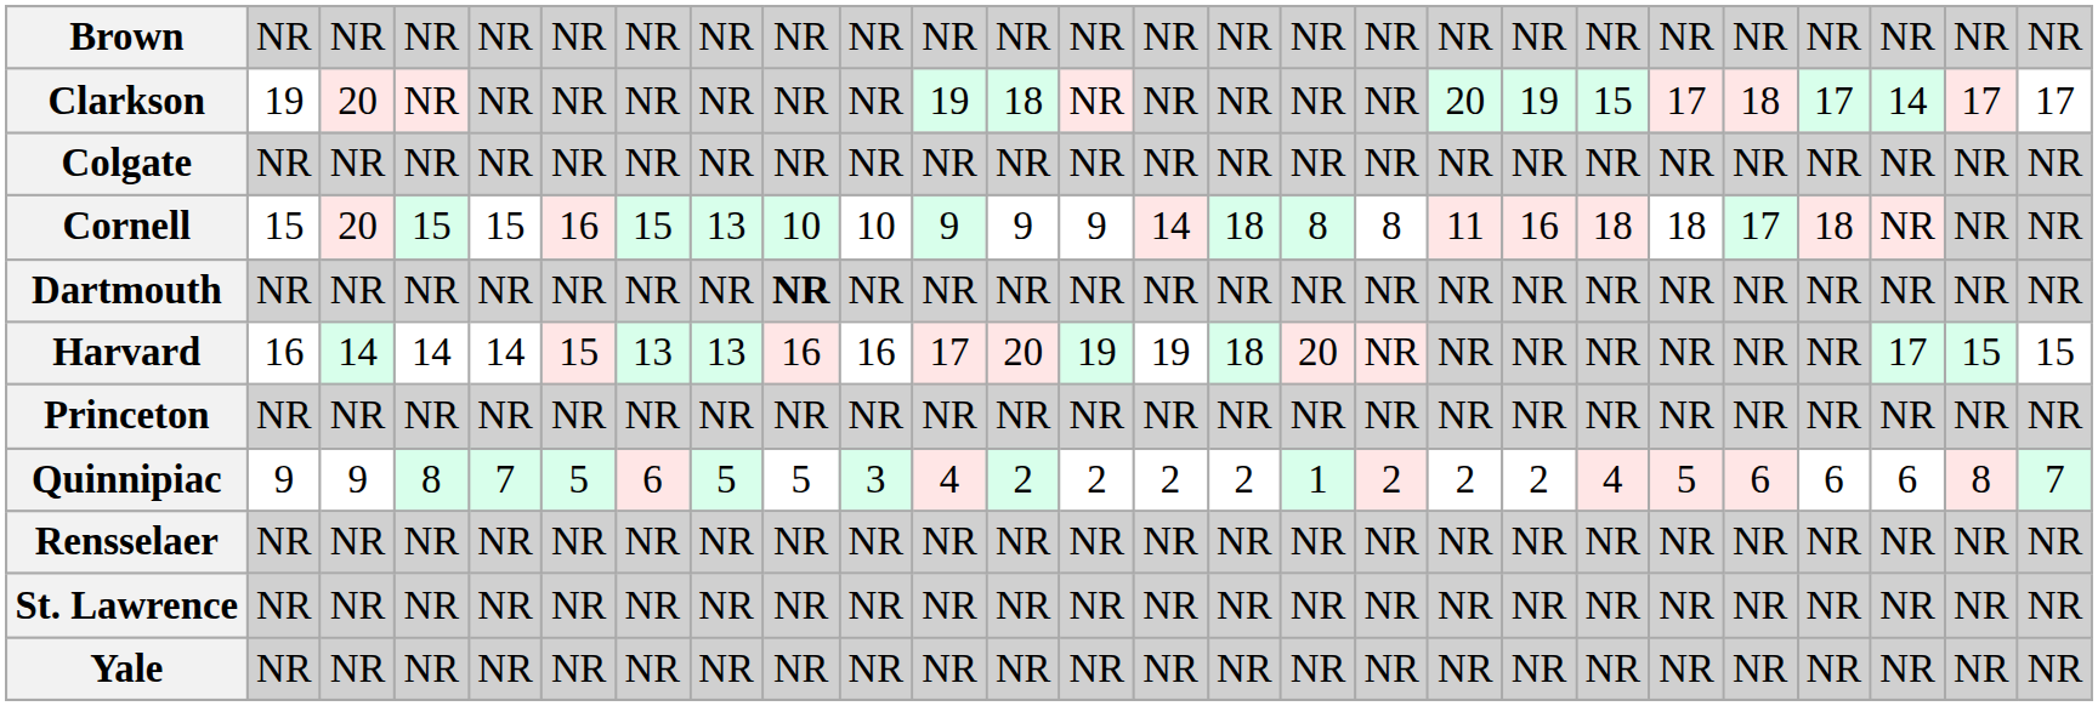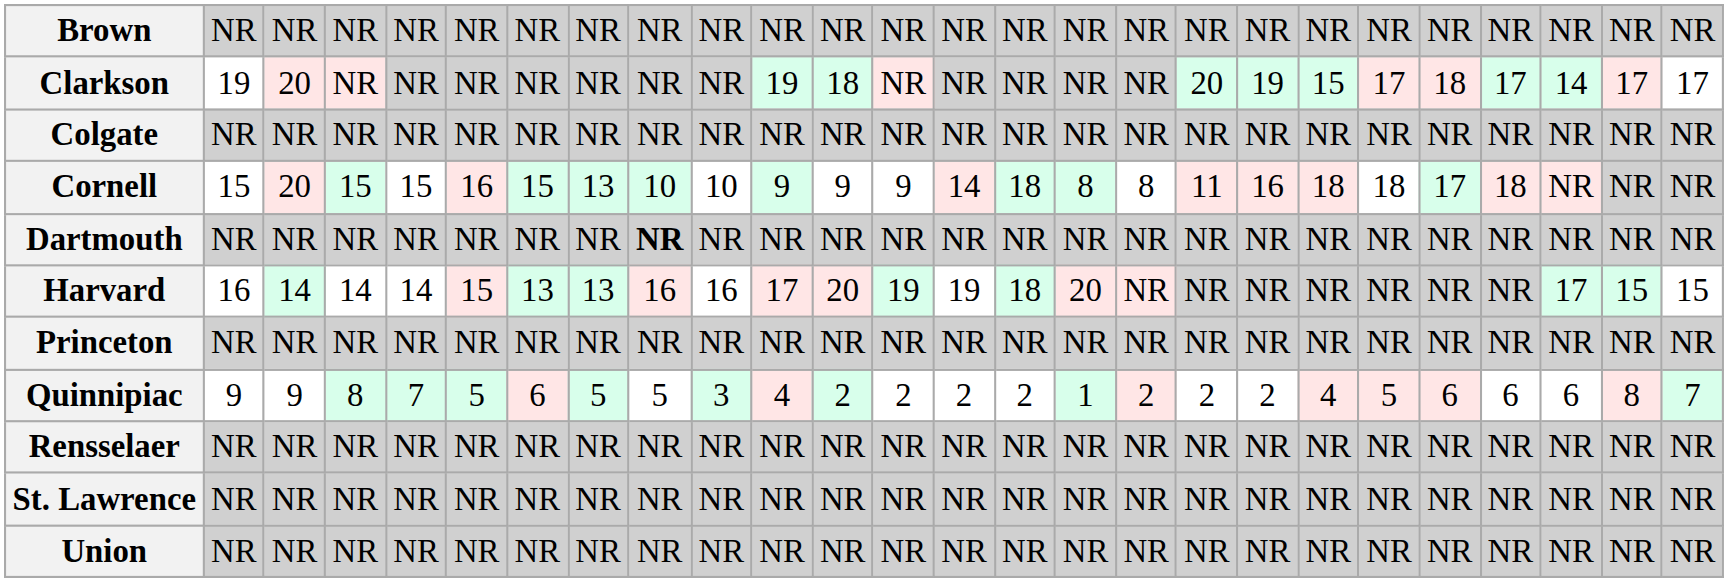 <table class="wikitable sortable" style="text-align: center;">
 <tr>
 </tr>
 <tr bgcolor=d0d0d0>
 <th>Brown</th>
 <td>NR</td>
 <td>NR</td>
 <td>NR</td>
 <td>NR</td>
 <td>NR</td>
 <td>NR</td>
 <td>NR</td>
 <td>NR</td>
 <td>NR</td>
 <td>NR</td>
 <td>NR</td>
 <td>NR</td>
 <td>NR</td>
 <td>NR</td>
 <td>NR</td>
 <td>NR</td>
 <td>NR</td>
 <td>NR</td>
 <td>NR</td>
 <td>NR</td>
 <td>NR</td>
 <td>NR</td>
 <td>NR</td>
 <td>NR</td>
 <td>NR</td>
 </tr>
 <tr bgcolor=d0d0d0>
 <th>Clarkson</th>
 <td bgcolor=FFFFFF>19</td>
 <td bgcolor=FFE6E6>20</td>
 <td bgcolor=FFE6E6>NR</td>
 <td>NR</td>
 <td>NR</td>
 <td>NR</td>
 <td>NR</td>
 <td>NR</td>
 <td>NR</td>
 <td bgcolor=D8FFEB>19</td>
 <td bgcolor=D8FFEB>18</td>
 <td bgcolor=FFE6E6>NR</td>
 <td>NR</td>
 <td>NR</td>
 <td>NR</td>
 <td>NR</td>
 <td bgcolor=D8FFEB>20</td>
 <td bgcolor=D8FFEB>19</td>
 <td bgcolor=D8FFEB>15</td>
 <td bgcolor=FFE6E6>17</td>
 <td bgcolor=FFE6E6>18</td>
 <td bgcolor=D8FFEB>17</td>
 <td bgcolor=D8FFEB>14</td>
 <td bgcolor=FFE6E6>17</td>
 <td bgcolor=FFFFFF>17</td>
 </tr>
 <tr bgcolor=d0d0d0>
 <th>Colgate</th>
 <td>NR</td>
 <td>NR</td>
 <td>NR</td>
 <td>NR</td>
 <td>NR</td>
 <td>NR</td>
 <td>NR</td>
 <td>NR</td>
 <td>NR</td>
 <td>NR</td>
 <td>NR</td>
 <td>NR</td>
 <td>NR</td>
 <td>NR</td>
 <td>NR</td>
 <td>NR</td>
 <td>NR</td>
 <td>NR</td>
 <td>NR</td>
 <td>NR</td>
 <td>NR</td>
 <td>NR</td>
 <td>NR</td>
 <td>NR</td>
 <td>NR</td>
 </tr>
 <tr bgcolor=d0d0d0>
 <th>Cornell</th>
 <td bgcolor=FFFFFF>15</td>
 <td bgcolor=FFE6E6>20</td>
 <td bgcolor=D8FFEB>15</td>
 <td bgcolor=FFFFFF>15</td>
 <td bgcolor=FFE6E6>16</td>
 <td bgcolor=D8FFEB>15</td>
 <td bgcolor=D8FFEB>13</td>
 <td bgcolor=D8FFEB>10</td>
 <td bgcolor=FFFFFF>10</td>
 <td bgcolor=D8FFEB>9</td>
 <td bgcolor=FFFFFF>9</td>
 <td bgcolor=FFFFFF>9</td>
 <td bgcolor=FFE6E6>14</td>
 <td bgcolor=D8FFEB>18</td>
 <td bgcolor=D8FFEB>8</td>
 <td bgcolor=FFFFFF>8</td>
 <td bgcolor=FFE6E6>11</td>
 <td bgcolor=FFE6E6>16</td>
 <td bgcolor=FFE6E6>18</td>
 <td bgcolor=FFFFFF>18</td>
 <td bgcolor=D8FFEB>17</td>
 <td bgcolor=FFE6E6>18</td>
 <td bgcolor=FFE6E6>NR</td>
 <td>NR</td>
 <td>NR</td>
 </tr>
 <tr bgcolor=d0d0d0>
 <th>Dartmouth</th>
 <td>NR</td>
 <td>NR</td>
 <td>NR</td>
 <td>NR</td>
 <td>NR</td>
 <td>NR</td>
 <td>NR</td>
 <td><strong>NR</strong></td>
 <td>NR</td>
 <td>NR</td>
 <td>NR</td>
 <td>NR</td>
 <td>NR</td>
 <td>NR</td>
 <td>NR</td>
 <td>NR</td>
 <td>NR</td>
 <td>NR</td>
 <td>NR</td>
 <td>NR</td>
 <td>NR</td>
 <td>NR</td>
 <td>NR</td>
 <td>NR</td>
 <td>NR</td>
 </tr>
 <tr bgcolor=d0d0d0>
 <th>Harvard</th>
 <td bgcolor=FFFFFF>16</td>
 <td bgcolor=D8FFEB>14</td>
 <td bgcolor=FFFFFF>14</td>
 <td bgcolor=FFFFFF>14</td>
 <td bgcolor=FFE6E6>15</td>
 <td bgcolor=D8FFEB>13</td>
 <td bgcolor=D8FFEB>13</td>
 <td bgcolor=FFE6E6>16</td>
 <td bgcolor=FFFFFF>16</td>
 <td bgcolor=FFE6E6>17</td>
 <td bgcolor=FFE6E6>20</td>
 <td bgcolor=D8FFEB>19</td>
 <td bgcolor=FFFFFF>19</td>
 <td bgcolor=D8FFEB>18</td>
 <td bgcolor=FFE6E6>20</td>
 <td bgcolor=FFE6E6>NR</td>
 <td>NR</td>
 <td>NR</td>
 <td>NR</td>
 <td>NR</td>
 <td>NR</td>
 <td>NR</td>
 <td bgcolor=D8FFEB>17</td>
 <td bgcolor=D8FFEB>15</td>
 <td bgcolor=FFFFFF>15</td>
 </tr>
 <tr bgcolor=d0d0d0>
 <th>Princeton</th>
 <td>NR</td>
 <td>NR</td>
 <td>NR</td>
 <td>NR</td>
 <td>NR</td>
 <td>NR</td>
 <td>NR</td>
 <td>NR</td>
 <td>NR</td>
 <td>NR</td>
 <td>NR</td>
 <td>NR</td>
 <td>NR</td>
 <td>NR</td>
 <td>NR</td>
 <td>NR</td>
 <td>NR</td>
 <td>NR</td>
 <td>NR</td>
 <td>NR</td>
 <td>NR</td>
 <td>NR</td>
 <td>NR</td>
 <td>NR</td>
 <td>NR</td>
 </tr>
 <tr bgcolor=d0d0d0>
 <th>Quinnipiac</th>
 <td bgcolor=FFFFFF>9</td>
 <td bgcolor=FFFFFF>9</td>
 <td bgcolor=D8FFEB>8</td>
 <td bgcolor=D8FFEB>7</td>
 <td bgcolor=D8FFEB>5</td>
 <td bgcolor=FFE6E6>6</td>
 <td bgcolor=D8FFEB>5</td>
 <td bgcolor=FFFFFF>5</td>
 <td bgcolor=D8FFEB>3</td>
 <td bgcolor=FFE6E6>4</td>
 <td bgcolor=D8FFEB>2</td>
 <td bgcolor=FFFFFF>2</td>
 <td bgcolor=FFFFFF>2</td>
 <td bgcolor=FFFFFF>2</td>
 <td bgcolor=D8FFEB>1</td>
 <td bgcolor=FFE6E6>2</td>
 <td bgcolor=FFFFFF>2</td>
 <td bgcolor=FFFFFF>2</td>
 <td bgcolor=FFE6E6>4</td>
 <td bgcolor=FFE6E6>5</td>
 <td bgcolor=FFE6E6>6</td>
 <td bgcolor=FFFFFF>6</td>
 <td bgcolor=FFFFFF>6</td>
 <td bgcolor=FFE6E6>8</td>
 <td bgcolor=D8FFEB>7</td>
 </tr>
 <tr bgcolor=d0d0d0>
 <th>Rensselaer</th>
 <td>NR</td>
 <td>NR</td>
 <td>NR</td>
 <td>NR</td>
 <td>NR</td>
 <td>NR</td>
 <td>NR</td>
 <td>NR</td>
 <td>NR</td>
 <td>NR</td>
 <td>NR</td>
 <td>NR</td>
 <td>NR</td>
 <td>NR</td>
 <td>NR</td>
 <td>NR</td>
 <td>NR</td>
 <td>NR</td>
 <td>NR</td>
 <td>NR</td>
 <td>NR</td>
 <td>NR</td>
 <td>NR</td>
 <td>NR</td>
 <td>NR</td>
 </tr>
 <tr bgcolor=d0d0d0>
 <th>St. Lawrence</th>
 <td>NR</td>
 <td>NR</td>
 <td>NR</td>
 <td>NR</td>
 <td>NR</td>
 <td>NR</td>
 <td>NR</td>
 <td>NR</td>
 <td>NR</td>
 <td>NR</td>
 <td>NR</td>
 <td>NR</td>
 <td>NR</td>
 <td>NR</td>
 <td>NR</td>
 <td>NR</td>
 <td>NR</td>
 <td>NR</td>
 <td>NR</td>
 <td>NR</td>
 <td>NR</td>
 <td>NR</td>
 <td>NR</td>
 <td>NR</td>
 <td>NR</td>
 </tr>
 <tr bgcolor=d0d0d0>
-<th>Yale</th>
+<th>Union</th>
 <td>NR</td>
 <td>NR</td>
 <td>NR</td>
 <td>NR</td>
 <td>NR</td>
 <td>NR</td>
 <td>NR</td>
 <td>NR</td>
 <td>NR</td>
 <td>NR</td>
 <td>NR</td>
 <td>NR</td>
 <td>NR</td>
 <td>NR</td>
 <td>NR</td>
 <td>NR</td>
 <td>NR</td>
 <td>NR</td>
 <td>NR</td>
 <td>NR</td>
 <td>NR</td>
 <td>NR</td>
 <td>NR</td>
 <td>NR</td>
 <td>NR</td>
 </tr>
 <tr>
 </tr>
 </table>
